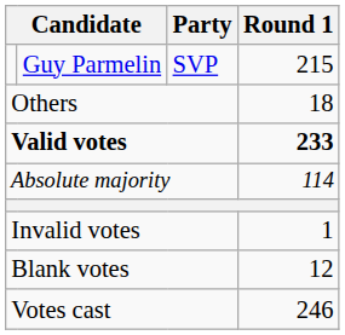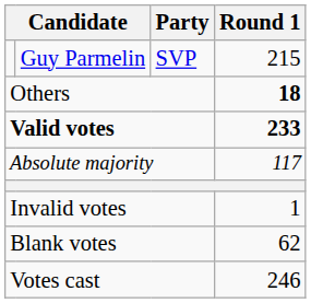 <table class="wikitable" style="text-align:right;">
 <tr>
 <th colspan="2">Candidate</th>
 <th>Party</th>
 <th>Round 1</th>
 </tr>
 <tr>
 <td style="background-color:"></td>
 <td style="text-align:left;"><a href='#'>Guy Parmelin</a></td>
 <td style="text-align:left;"><a href='#'>SVP</a></td>
 <td>215</td>
 </tr>
 <tr>
 <td colspan="3" style="text-align:left;">Others</td>
-<td>18</td>
+<td><strong>18</strong></td>
 </tr>
 <tr style="font-weight:bold;">
 <td colspan="3" style="text-align:left;">Valid votes</td>
 <td>233</td>
 </tr>
 <tr style="font-style:italic; font-size:90%;">
 <td colspan="3" style="text-align:left;">Absolute majority</td>
-<td>114</td>
+<td>117</td>
 </tr>
 <tr>
 <th colspan="10"></th>
 </tr>
 <tr>
 <td colspan="3" style="text-align:left;">Invalid votes</td>
 <td>1</td>
 </tr>
 <tr>
 <td colspan="3" style="text-align:left;">Blank votes</td>
-<td>12</td>
+<td>62</td>
 </tr>
 <tr>
 <td colspan="3" style="text-align:left;">Votes cast</td>
 <td>246</td>
 </tr>
 </table>
